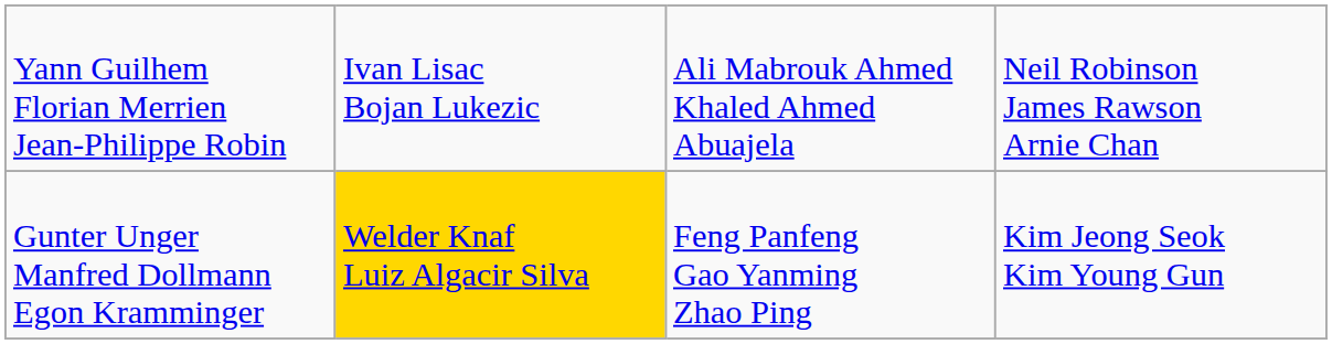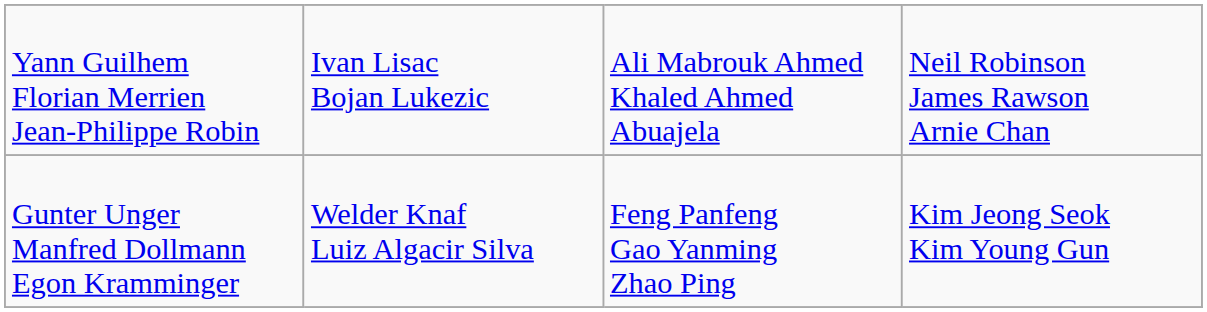 <table class="wikitable">
 <tr>
 <td style="vertical-align:top; width:150px"><br><a href='#'>Yann Guilhem</a><br><a href='#'>Florian Merrien</a><br><a href='#'>Jean-Philippe Robin</a></td>
 <td style="vertical-align:top; width:150px"><br><a href='#'>Ivan Lisac</a><br><a href='#'>Bojan Lukezic</a></td>
 <td style="vertical-align:top; width:150px"><br><a href='#'>Ali Mabrouk Ahmed</a><br><a href='#'>Khaled Ahmed Abuajela</a></td>
 <td style="vertical-align:top; width:150px"><br><a href='#'>Neil Robinson</a><br><a href='#'>James Rawson</a><br><a href='#'>Arnie Chan</a></td>
 </tr>
 <tr>
 <td style="vertical-align:top; width:150px"><br><a href='#'>Gunter Unger</a><br><a href='#'>Manfred Dollmann</a><br><a href='#'>Egon Kramminger</a></td>
-<td style="background: gold; vertical-align:top; width:150px"><br><a href='#'>Welder Knaf</a><br><a href='#'>Luiz Algacir Silva</a></td>
+<td style="vertical-align:top; width:150px"><br><a href='#'>Welder Knaf</a><br><a href='#'>Luiz Algacir Silva</a></td>
 <td style="vertical-align:top; width:150px"><br><a href='#'>Feng Panfeng</a><br><a href='#'>Gao Yanming</a><br><a href='#'>Zhao Ping</a></td>
 <td style="vertical-align:top; width:150px"><br><a href='#'>Kim Jeong Seok</a><br><a href='#'>Kim Young Gun</a></td>
 </tr>
 </table>
